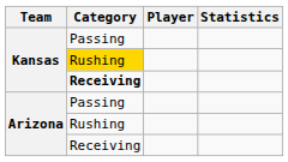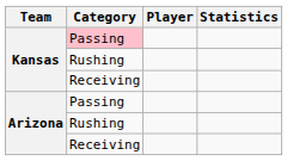 <table class="wikitable" style="float:right">
 <tr>
 <th>Team</th>
 <th>Category</th>
 <th>Player</th>
 <th>Statistics</th>
 </tr>
 <tr>
 <th rowspan=3>Kansas</th>
-<td>Passing</td>
+<td style="background: pink;">Passing</td>
 <td></td>
 <td></td>
 </tr>
 <tr>
-<td style="background: gold;">Rushing</td>
+<td>Rushing</td>
 <td></td>
 <td></td>
 </tr>
 <tr>
-<td><strong>Receiving</strong></td>
+<td>Receiving</td>
 <td></td>
 <td></td>
 </tr>
 <tr>
 <th rowspan=3>Arizona</th>
 <td>Passing</td>
 <td></td>
 <td></td>
 </tr>
 <tr>
 <td>Rushing</td>
 <td></td>
 <td></td>
 </tr>
 <tr>
 <td>Receiving</td>
 <td></td>
 <td></td>
 </tr>
 </table>
